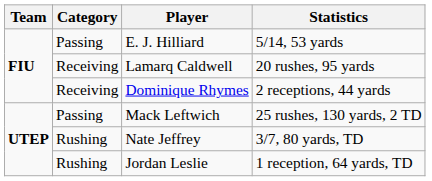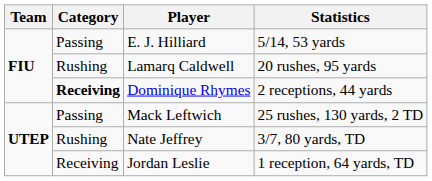 <table class="wikitable" style="float: left;">
 <tr>
 <th>Team</th>
 <th>Category</th>
 <th>Player</th>
 <th>Statistics</th>
 </tr>
 <tr>
 <td rowspan=3><strong>FIU</strong></td>
 <td>Passing</td>
 <td>E. J. Hilliard</td>
 <td>5/14, 53 yards</td>
 </tr>
 <tr>
-<td>Receiving</td>
+<td>Rushing</td>
 <td>Lamarq Caldwell</td>
 <td>20 rushes, 95 yards</td>
 </tr>
 <tr>
-<td>Receiving</td>
+<td><strong>Receiving</strong></td>
 <td><a href='#'>Dominique Rhymes</a></td>
 <td>2 receptions, 44 yards</td>
 </tr>
 <tr>
 <td rowspan=3><strong>UTEP</strong></td>
 <td>Passing</td>
 <td>Mack Leftwich</td>
 <td>25 rushes, 130 yards, 2 TD</td>
 </tr>
 <tr>
 <td>Rushing</td>
 <td>Nate Jeffrey</td>
 <td>3/7, 80 yards, TD</td>
 </tr>
 <tr>
-<td>Rushing</td>
+<td>Receiving</td>
 <td>Jordan Leslie</td>
 <td>1 reception, 64 yards, TD</td>
 </tr>
 </table>
